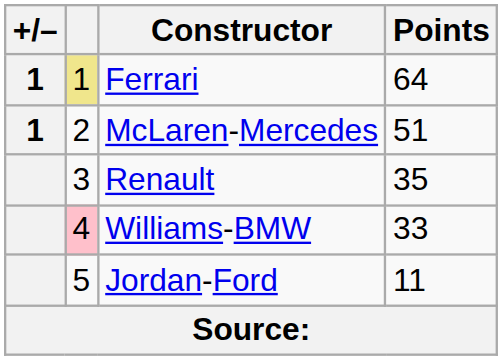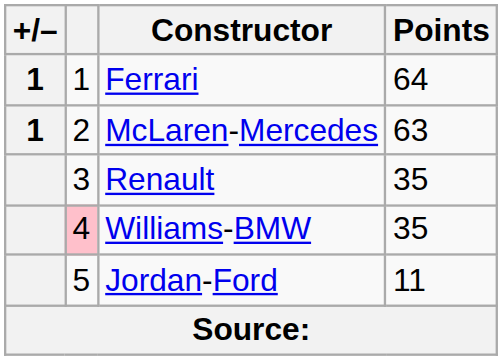 <table class="wikitable" style="font-size: 85%;">
 <tr>
 <th scope="col">+/–</th>
 <th scope="col"></th>
 <th scope="col">Constructor</th>
 <th scope="col">Points</th>
 </tr>
 <tr>
 <th scope="row"> 1</th>
-<td align="center" style="background: khaki;">1</td>
+<td align="center">1</td>
 <td> <a href='#'>Ferrari</a></td>
 <td>64</td>
 </tr>
 <tr>
 <th scope="row"> 1</th>
 <td align="center">2</td>
 <td> <a href='#'>McLaren</a>-<a href='#'>Mercedes</a></td>
-<td>51</td>
+<td>63</td>
 </tr>
 <tr>
 <th scope="row"></th>
 <td align="center">3</td>
 <td> <a href='#'>Renault</a></td>
 <td>35</td>
 </tr>
 <tr>
 <th scope="row"></th>
 <td align="center" style="background: pink;">4</td>
 <td> <a href='#'>Williams</a>-<a href='#'>BMW</a></td>
-<td>33</td>
+<td>35</td>
 </tr>
 <tr>
 <th scope="row"></th>
 <td align="center">5</td>
 <td> <a href='#'>Jordan</a>-<a href='#'>Ford</a></td>
 <td>11</td>
 </tr>
 <tr>
 <th colspan=4>Source:</th>
 </tr>
 </table>
